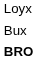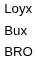 <table border="0" cellpadding="4" cellspacing="0" align="center">
 <tr>
 <td>Loyx</td>
 </tr>
 <tr>
 <td>Bux</td>
 </tr>
 <tr>
-<td><strong>BRO</strong></td>
+<td>BRO</td>
 </tr>
 </table>
